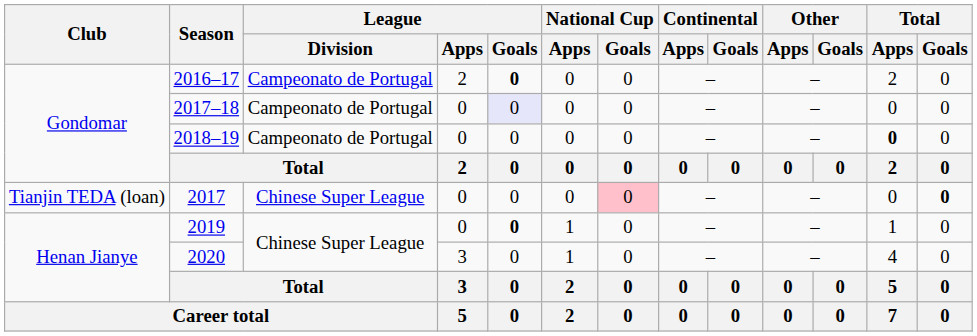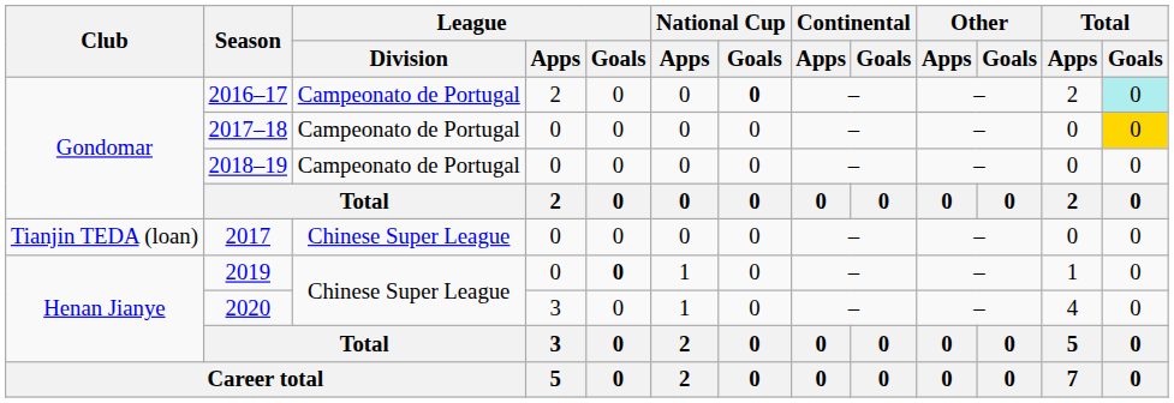 <table class="wikitable" style="text-align: center">
 <tr>
 <th rowspan="2">Club</th>
 <th rowspan="2">Season</th>
 <th colspan="3">League</th>
 <th colspan="2">National Cup</th>
 <th colspan="2">Continental</th>
 <th colspan="2">Other</th>
 <th colspan="2">Total</th>
 </tr>
 <tr>
 <th>Division</th>
 <th>Apps</th>
 <th>Goals</th>
 <th>Apps</th>
 <th>Goals</th>
 <th>Apps</th>
 <th>Goals</th>
 <th>Apps</th>
 <th>Goals</th>
 <th>Apps</th>
 <th>Goals</th>
 </tr>
 <tr>
 <td rowspan=4><a href='#'>Gondomar</a></td>
 <td><a href='#'>2016–17</a></td>
 <td><a href='#'>Campeonato de Portugal</a></td>
 <td>2</td>
-<td><strong>0</strong></td>
 <td>0</td>
 <td>0</td>
+<td><strong>0</strong></td>
 <td colspan="2">–</td>
 <td colspan="2">–</td>
 <td>2</td>
-<td>0</td>
+<td style="background: paleturquoise;">0</td>
 </tr>
 <tr>
 <td><a href='#'>2017–18</a></td>
 <td>Campeonato de Portugal</td>
 <td>0</td>
-<td style="background: lavender;">0</td>
+<td>0</td>
 <td>0</td>
 <td>0</td>
 <td colspan="2">–</td>
 <td colspan="2">–</td>
 <td>0</td>
-<td>0</td>
+<td style="background: gold;">0</td>
 </tr>
 <tr>
 <td><a href='#'>2018–19</a></td>
 <td>Campeonato de Portugal</td>
 <td>0</td>
 <td>0</td>
 <td>0</td>
 <td>0</td>
 <td colspan="2">–</td>
 <td colspan="2">–</td>
-<td><strong>0</strong></td>
+<td>0</td>
 <td>0</td>
 </tr>
 <tr>
 <th colspan=2>Total</th>
 <th>2</th>
 <th>0</th>
 <th>0</th>
 <th>0</th>
 <th>0</th>
 <th>0</th>
 <th>0</th>
 <th>0</th>
 <th>2</th>
 <th>0</th>
 </tr>
 <tr>
 <td><a href='#'>Tianjin TEDA</a> (loan)</td>
 <td><a href='#'>2017</a></td>
 <td><a href='#'>Chinese Super League</a></td>
 <td>0</td>
 <td>0</td>
 <td>0</td>
-<td style="background: pink;">0</td>
+<td>0</td>
 <td colspan="2">–</td>
 <td colspan="2">–</td>
 <td>0</td>
-<td><strong>0</strong></td>
+<td>0</td>
 </tr>
 <tr>
 <td rowspan=3><a href='#'>Henan Jianye</a></td>
 <td><a href='#'>2019</a></td>
 <td rowspan=2>Chinese Super League</td>
 <td>0</td>
 <td><strong>0</strong></td>
 <td>1</td>
 <td>0</td>
 <td colspan="2">–</td>
 <td colspan="2">–</td>
 <td>1</td>
 <td>0</td>
 </tr>
 <tr>
 <td><a href='#'>2020</a></td>
 <td>3</td>
 <td>0</td>
 <td>1</td>
 <td>0</td>
 <td colspan="2">–</td>
 <td colspan="2">–</td>
 <td>4</td>
 <td>0</td>
 </tr>
 <tr>
 <th colspan=2>Total</th>
 <th>3</th>
 <th>0</th>
 <th>2</th>
 <th>0</th>
 <th>0</th>
 <th>0</th>
 <th>0</th>
 <th>0</th>
 <th>5</th>
 <th>0</th>
 </tr>
 <tr>
 <th colspan=3>Career total</th>
 <th>5</th>
 <th>0</th>
 <th>2</th>
 <th>0</th>
 <th>0</th>
 <th>0</th>
 <th>0</th>
 <th>0</th>
 <th>7</th>
 <th>0</th>
 </tr>
 </table>
